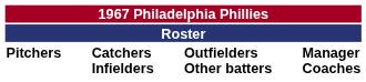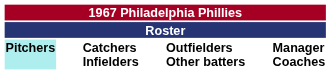 <table class="toccolours" style="font-size: 95%;">
 <tr>
 <th colspan="10" style="background-color: #A50024; color: white; text-align: center;">1967 Philadelphia Phillies</th>
 </tr>
 <tr>
 <td colspan="10" style="background-color: #263473; color: white; text-align: center;"><strong>Roster</strong></td>
 </tr>
 <tr>
-<td valign="top"><strong>Pitchers</strong><br>               </td>
+<td valign="top" style="background: paleturquoise;"><strong>Pitchers</strong><br>               </td>
 <td width="25px"></td>
 <td valign="top"><strong>Catchers</strong><br>    <strong>Infielders</strong>           </td>
 <td width="25px"></td>
 <td valign="top"><strong>Outfielders</strong><br>       <strong>Other batters</strong> </td>
 <td width="25px"></td>
 <td valign="top"><strong>Manager</strong><br> <strong>Coaches</strong>    </td>
 </tr>
 <tr>
 </tr>
 </table>
